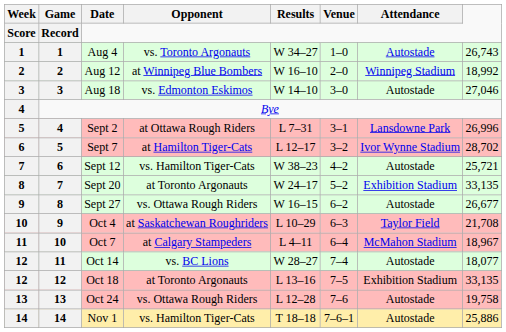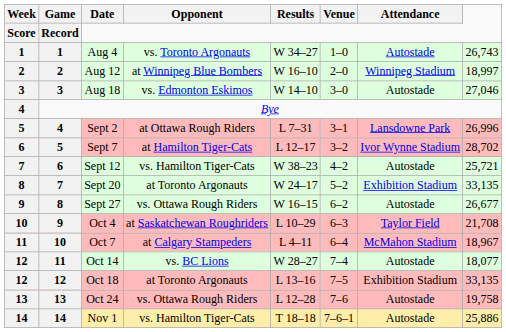 <table class="wikitable" style="text-align:center">
 <tr>
 <th>Week</th>
 <th>Game</th>
 <th>Date</th>
 <th>Opponent</th>
 <th>Results</th>
 <th>Venue</th>
 <th>Attendance</th>
 </tr>
 <tr>
 <th>Score</th>
 <th>Record</th>
 </tr>
 <tr style="background:#ddffdd">
 <th>1</th>
 <th>1</th>
 <td>Aug 4</td>
 <td>vs. <a href='#'>Toronto Argonauts</a></td>
 <td>W 34–27</td>
 <td>1–0</td>
 <td><a href='#'>Autostade</a></td>
 <td>26,743</td>
 </tr>
 <tr style="background:#ddffdd">
 <th>2</th>
 <th>2</th>
 <td>Aug 12</td>
 <td>at <a href='#'>Winnipeg Blue Bombers</a></td>
 <td>W 16–10</td>
 <td>2–0</td>
 <td><a href='#'>Winnipeg Stadium</a></td>
-<td>18,992</td>
+<td>18,997</td>
 </tr>
 <tr style="background:#ddffdd">
 <th>3</th>
 <th>3</th>
 <td>Aug 18</td>
 <td>vs. <a href='#'>Edmonton Eskimos</a></td>
 <td>W 14–10</td>
 <td>3–0</td>
 <td>Autostade</td>
 <td>27,046</td>
 </tr>
 <tr>
 <th>4</th>
 <td colspan=7 align="center"><em><a href='#'>Bye</a></em></td>
 </tr>
 <tr style="background:#ffbbbb">
 <th>5</th>
 <th>4</th>
 <td>Sept 2</td>
 <td>at Ottawa Rough Riders</td>
 <td>L 7–31</td>
 <td>3–1</td>
 <td><a href='#'>Lansdowne Park</a></td>
 <td>26,996</td>
 </tr>
 <tr style="background:#ffbbbb">
 <th>6</th>
 <th>5</th>
 <td>Sept 7</td>
 <td>at <a href='#'>Hamilton Tiger-Cats</a></td>
 <td>L 12–17</td>
 <td>3–2</td>
 <td><a href='#'>Ivor Wynne Stadium</a></td>
 <td>28,702</td>
 </tr>
 <tr style="background:#ddffdd">
 <th>7</th>
 <th>6</th>
 <td>Sept 12</td>
 <td>vs. Hamilton Tiger-Cats</td>
 <td>W 38–23</td>
 <td>4–2</td>
 <td>Autostade</td>
 <td>25,721</td>
 </tr>
 <tr style="background:#ddffdd">
 <th>8</th>
 <th>7</th>
 <td>Sept 20</td>
 <td>at Toronto Argonauts</td>
 <td>W 24–17</td>
 <td>5–2</td>
 <td><a href='#'>Exhibition Stadium</a></td>
 <td>33,135</td>
 </tr>
 <tr style="background:#ddffdd">
 <th>9</th>
 <th>8</th>
 <td>Sept 27</td>
 <td>vs. Ottawa Rough Riders</td>
 <td>W 16–15</td>
 <td>6–2</td>
 <td>Autostade</td>
 <td>26,677</td>
 </tr>
 <tr style="background:#ffbbbb">
 <th>10</th>
 <th>9</th>
 <td>Oct 4</td>
 <td>at <a href='#'>Saskatchewan Roughriders</a></td>
 <td>L 10–29</td>
 <td>6–3</td>
 <td><a href='#'>Taylor Field</a></td>
 <td>21,708</td>
 </tr>
 <tr style="background:#ffbbbb">
 <th>11</th>
 <th>10</th>
 <td>Oct 7</td>
 <td>at <a href='#'>Calgary Stampeders</a></td>
 <td>L 4–11</td>
 <td>6–4</td>
 <td><a href='#'>McMahon Stadium</a></td>
 <td>18,967</td>
 </tr>
 <tr style="background:#ddffdd">
 <th>12</th>
 <th>11</th>
 <td>Oct 14</td>
 <td>vs. <a href='#'>BC Lions</a></td>
 <td>W 28–27</td>
 <td>7–4</td>
 <td>Autostade</td>
 <td>18,077</td>
 </tr>
 <tr style="background:#ffbbbb">
 <th>12</th>
 <th>12</th>
 <td>Oct 18</td>
 <td>at Toronto Argonauts</td>
 <td>L 13–16</td>
 <td>7–5</td>
 <td>Exhibition Stadium</td>
 <td>33,135</td>
 </tr>
 <tr style="background:#ffbbbb">
 <th>13</th>
 <th>13</th>
 <td>Oct 24</td>
 <td>vs. Ottawa Rough Riders</td>
 <td>L 12–28</td>
 <td>7–6</td>
 <td>Autostade</td>
 <td>19,758</td>
 </tr>
 <tr style="background:#ffeeaa">
 <th>14</th>
 <th>14</th>
 <td>Nov 1</td>
 <td>vs. Hamilton Tiger-Cats</td>
 <td>T 18–18</td>
 <td>7–6–1</td>
 <td>Autostade</td>
 <td>25,886</td>
 </tr>
 </table>
